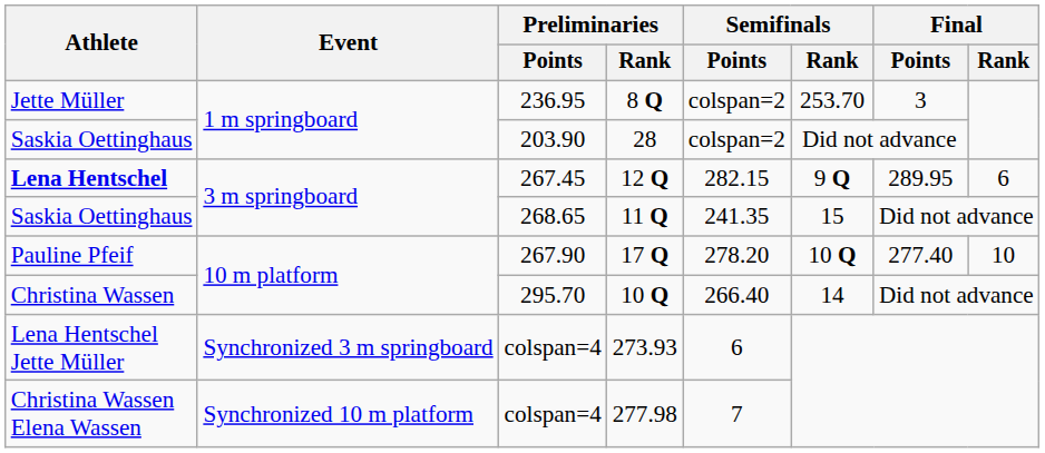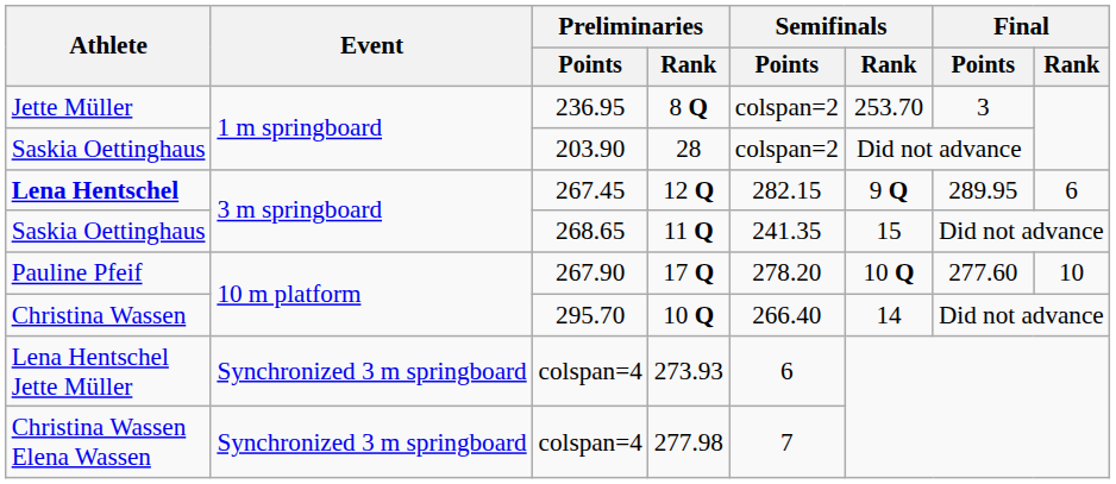 <table class="wikitable" style="font-size:90%">
 <tr>
 <th rowspan="2">Athlete</th>
 <th rowspan="2">Event</th>
 <th colspan="2">Preliminaries</th>
 <th colspan="2">Semifinals</th>
 <th colspan="2">Final</th>
 </tr>
 <tr style="font-size:95%">
 <th>Points</th>
 <th>Rank</th>
 <th>Points</th>
 <th>Rank</th>
 <th>Points</th>
 <th>Rank</th>
 </tr>
 <tr align=center>
 <td align=left><a href='#'>Jette Müller</a></td>
 <td align=left rowspan=2><a href='#'>1 m springboard</a></td>
 <td>236.95</td>
 <td>8 <strong>Q</strong></td>
 <td>colspan=2</td>
 <td>253.70</td>
 <td>3</td>
 </tr>
 <tr align=center>
 <td align=left><a href='#'>Saskia Oettinghaus</a></td>
 <td>203.90</td>
 <td>28</td>
 <td>colspan=2</td>
 <td colspan=2>Did not advance</td>
 </tr>
 <tr align=center>
 <td align=left><strong><a href='#'>Lena Hentschel</a></strong></td>
 <td align=left rowspan=2><a href='#'>3 m springboard</a></td>
 <td>267.45</td>
 <td>12 <strong>Q</strong></td>
 <td>282.15</td>
 <td>9 <strong>Q</strong></td>
 <td>289.95</td>
 <td>6</td>
 </tr>
 <tr align=center>
 <td align=left><a href='#'>Saskia Oettinghaus</a></td>
 <td>268.65</td>
 <td>11 <strong>Q</strong></td>
 <td>241.35</td>
 <td>15</td>
 <td colspan=2>Did not advance</td>
 </tr>
 <tr align=center>
 <td align=left><a href='#'>Pauline Pfeif</a></td>
 <td align=left rowspan=2><a href='#'>10 m platform</a></td>
 <td>267.90</td>
 <td>17 <strong>Q</strong></td>
 <td>278.20</td>
 <td>10 <strong>Q</strong></td>
-<td>277.40</td>
+<td>277.60</td>
 <td>10</td>
 </tr>
 <tr align=center>
 <td align=left><a href='#'>Christina Wassen</a></td>
 <td>295.70</td>
 <td>10 <strong>Q</strong></td>
 <td>266.40</td>
 <td>14</td>
 <td colspan=2>Did not advance</td>
 </tr>
 <tr align=center>
 <td align=left><a href='#'>Lena Hentschel</a><br><a href='#'>Jette Müller</a></td>
 <td align=left><a href='#'>Synchronized 3 m springboard</a></td>
 <td>colspan=4</td>
 <td>273.93</td>
 <td>6</td>
 </tr>
 <tr align=center>
 <td align=left><a href='#'>Christina Wassen</a><br><a href='#'>Elena Wassen</a></td>
-<td align=left><a href='#'>Synchronized 10 m platform</a></td>
+<td align=left><a href='#'>Synchronized 3 m springboard</a></td>
 <td>colspan=4</td>
 <td>277.98</td>
 <td>7</td>
 </tr>
 </table>
